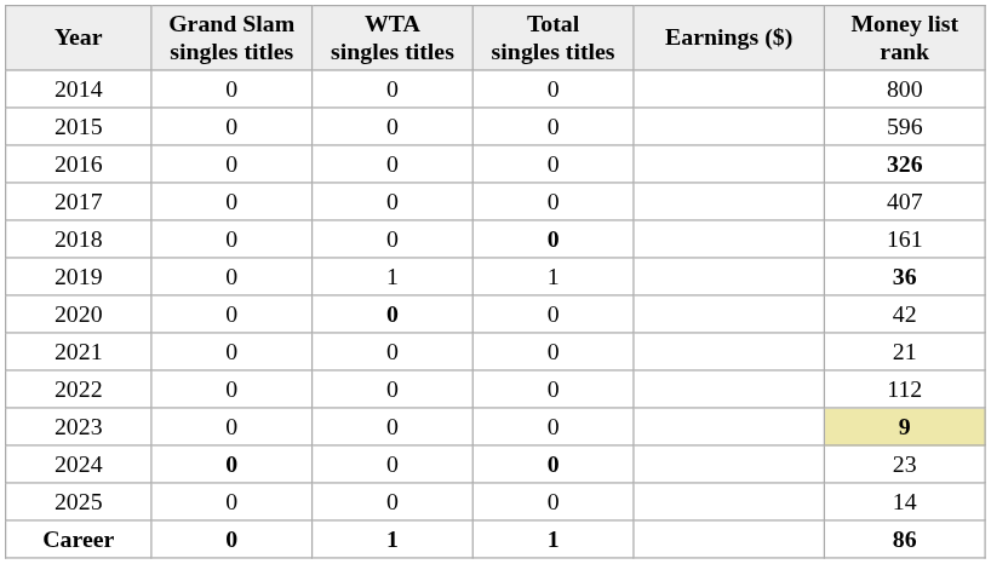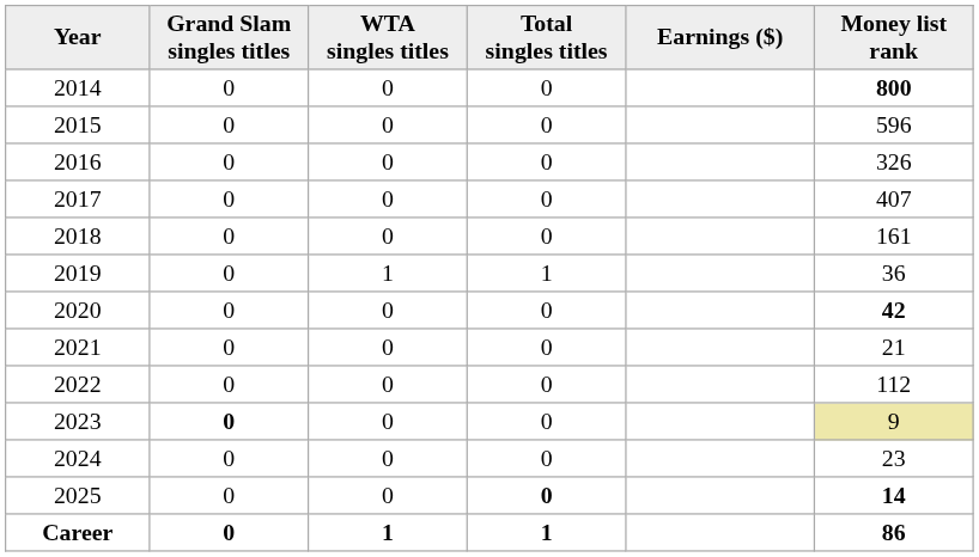 <table cellpadding=3 cellspacing=0 border=1 style=border:#aaa;solid:1px;border-collapse:collapse;text-align:center;>
 <tr style=background:#eee;font-weight:bold>
 <td width="90">Year</td>
 <td width="100">Grand Slam <br> singles titles</td>
 <td width="100">WTA <br> singles titles</td>
 <td width="100">Total <br> singles titles</td>
 <td width="120">Earnings ($)</td>
 <td width="100">Money list rank</td>
 </tr>
 <tr>
 <td>2014</td>
 <td>0</td>
 <td>0</td>
 <td>0</td>
 <td align=right></td>
-<td>800</td>
+<td><strong>800</strong></td>
 </tr>
 <tr>
 <td>2015</td>
 <td>0</td>
 <td>0</td>
 <td>0</td>
 <td align="right"></td>
 <td>596</td>
 </tr>
 <tr>
 <td>2016</td>
 <td>0</td>
 <td>0</td>
 <td>0</td>
 <td align="right"></td>
-<td><strong>326</strong></td>
+<td>326</td>
 </tr>
 <tr>
 <td>2017</td>
 <td>0</td>
 <td>0</td>
 <td>0</td>
 <td align="right"></td>
 <td>407</td>
 </tr>
 <tr>
 <td>2018</td>
 <td>0</td>
 <td>0</td>
-<td><strong>0</strong></td>
+<td>0</td>
 <td align="right"></td>
 <td>161</td>
 </tr>
 <tr>
 <td>2019</td>
 <td>0</td>
 <td>1</td>
 <td>1</td>
 <td align="right"></td>
-<td><strong>36</strong></td>
+<td>36</td>
 </tr>
 <tr>
 <td>2020</td>
 <td>0</td>
-<td><strong>0</strong></td>
+<td>0</td>
 <td>0</td>
 <td align="right"></td>
-<td>42</td>
+<td><strong>42</strong></td>
 </tr>
 <tr>
 <td>2021</td>
 <td>0</td>
 <td>0</td>
 <td>0</td>
 <td align="right"></td>
 <td>21</td>
 </tr>
 <tr>
 <td>2022</td>
 <td>0</td>
 <td>0</td>
 <td>0</td>
 <td align=right></td>
 <td>112</td>
 </tr>
 <tr>
 <td>2023</td>
+<td><strong>0</strong></td>
+<td>0</td>
+<td>0</td>
+<td align=right></td>
+<td bgcolor=eee8aa>9</td>
+</tr>
+<tr>
+<td>2024</td>
 <td>0</td>
 <td>0</td>
 <td>0</td>
-<td align=right></td>
-<td bgcolor=eee8aa><strong>9</strong></td>
-</tr>
-<tr>
-<td>2024</td>
-<td><strong>0</strong></td>
-<td>0</td>
-<td><strong>0</strong></td>
 <td align=right></td>
 <td>23</td>
 </tr>
 <tr>
 <td>2025</td>
 <td>0</td>
 <td>0</td>
-<td>0</td>
+<td><strong>0</strong></td>
 <td align=right></td>
-<td>14</td>
+<td><strong>14</strong></td>
 </tr>
 <tr style="font-weight:bold">
 <td>Career</td>
 <td>0</td>
 <td>1</td>
 <td>1</td>
 <td align=right></td>
 <td>86</td>
 </tr>
 </table>
